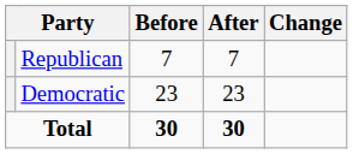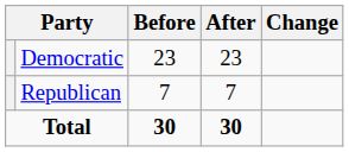 <table class="wikitable" style="text-align:center;">
 <tr>
 <th colspan="2">Party</th>
 <th>Before</th>
 <th>After</th>
 <th>Change</th>
 </tr>
 <tr>
 <th style="background-color:"></th>
-<td style="text-align:left;"><a href='#'>Republican</a></td>
-<td>7</td>
-<td>7</td>
+<td style="text-align:left;"><a href='#'>Democratic</a></td>
+<td>23</td>
+<td>23</td>
 <td></td>
 </tr>
 <tr>
 <th style="background-color:"></th>
-<td style="text-align:left;"><a href='#'>Democratic</a></td>
-<td>23</td>
-<td>23</td>
+<td style="text-align:left;"><a href='#'>Republican</a></td>
+<td>7</td>
+<td>7</td>
 <td></td>
 </tr>
 <tr>
 <td colspan="2"><strong>Total</strong></td>
 <td><strong>30</strong></td>
 <td><strong>30</strong></td>
 <td></td>
 </tr>
 </table>
